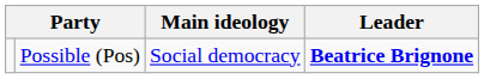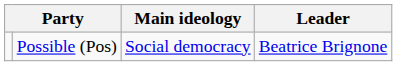 <table class=wikitable style=text-align:left>
 <tr>
 <th colspan=2>Party</th>
 <th>Main ideology</th>
 <th>Leader</th>
 </tr>
 <tr>
 <td></td>
 <td><a href='#'>Possible</a> (Pos)</td>
 <td><a href='#'>Social democracy</a></td>
-<td><strong><a href='#'>Beatrice Brignone</a></strong></td>
+<td><a href='#'>Beatrice Brignone</a></td>
 </tr>
 </table>
